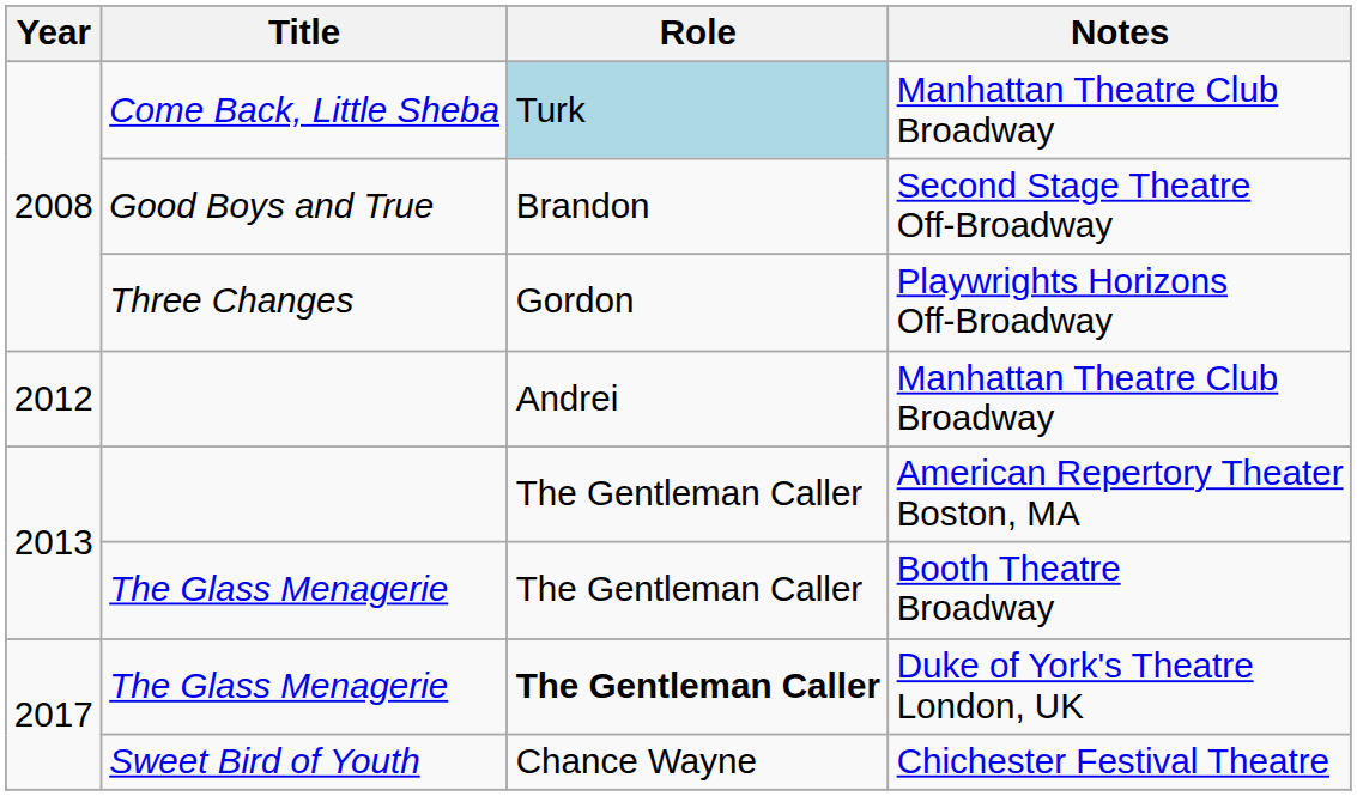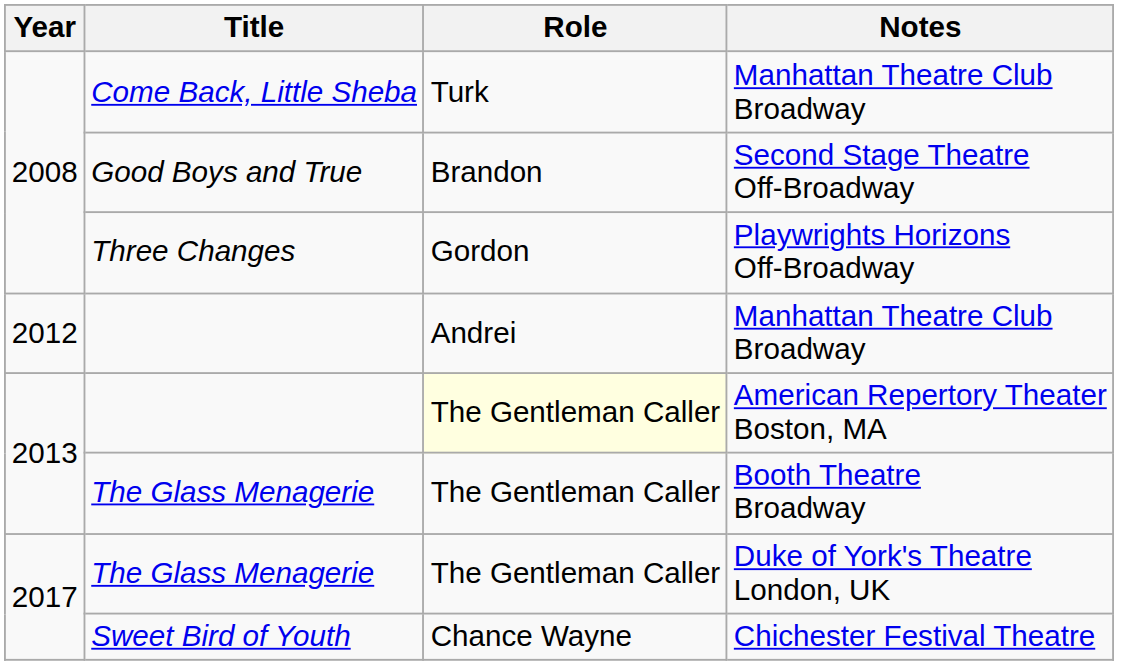 <table class="wikitable sortable">
 <tr>
 <th>Year</th>
 <th>Title</th>
 <th>Role</th>
 <th class="unsortable">Notes</th>
 </tr>
 <tr>
 <td rowspan="3">2008</td>
 <td><em><a href='#'>Come Back, Little Sheba</a></em></td>
-<td style="background: lightblue;">Turk</td>
+<td>Turk</td>
 <td><a href='#'>Manhattan Theatre Club</a><br>Broadway</td>
 </tr>
 <tr>
 <td><em>Good Boys and True</em></td>
 <td>Brandon</td>
 <td><a href='#'>Second Stage Theatre</a><br>Off-Broadway</td>
 </tr>
 <tr>
 <td><em>Three Changes</em></td>
 <td>Gordon</td>
 <td><a href='#'>Playwrights Horizons</a><br>Off-Broadway</td>
 </tr>
 <tr>
 <td>2012</td>
 <td><em></em></td>
 <td>Andrei</td>
 <td><a href='#'>Manhattan Theatre Club</a><br>Broadway</td>
 </tr>
 <tr>
 <td rowspan="2">2013</td>
 <td><em></em></td>
-<td>The Gentleman Caller</td>
+<td style="background: lightyellow;">The Gentleman Caller</td>
 <td><a href='#'>American Repertory Theater</a><br>Boston, MA</td>
 </tr>
 <tr>
 <td><em><a href='#'>The Glass Menagerie</a></em></td>
 <td>The Gentleman Caller</td>
 <td><a href='#'>Booth Theatre</a><br>Broadway</td>
 </tr>
 <tr>
 <td rowspan="2">2017</td>
 <td><em><a href='#'>The Glass Menagerie</a></em></td>
-<td><strong>The Gentleman Caller</strong></td>
+<td>The Gentleman Caller</td>
 <td><a href='#'>Duke of York's Theatre</a><br>London, UK</td>
 </tr>
 <tr>
 <td><em><a href='#'>Sweet Bird of Youth</a></em></td>
 <td>Chance Wayne</td>
 <td><a href='#'>Chichester Festival Theatre</a></td>
 </tr>
 </table>
